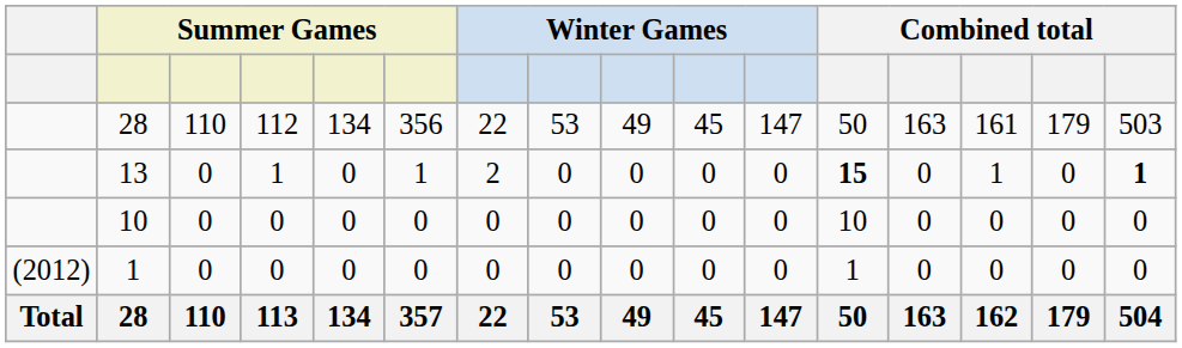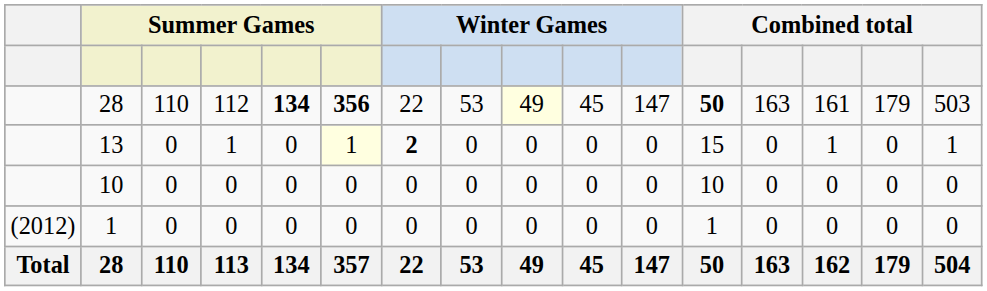 <table class="wikitable sortable" style="margin-top:0; text-align:center; font-size:90%;">
 <tr>
 <th></th>
 <th align="center" style="background-color:#f2f2ce;" colspan="5" ;>Summer Games</th>
 <th align="center" style="background-color:#cedff2;" colspan="5" ;>Winter Games</th>
 <th align="center" colspan="5" ;>Combined total</th>
 </tr>
 <tr>
 <th></th>
 <th style="background-color:#f2f2ce; width:2em;"><br></th>
 <th style="background-color:#f2f2ce; width:2em;"><br></th>
 <th style="background-color:#f2f2ce; width:2em;"><br></th>
 <th style="background-color:#f2f2ce; width:2em;"><br></th>
 <th style="background-color:#f2f2ce; width:2em;"><br></th>
 <th style="background-color:#cedff2; width:2em;"><br></th>
 <th style="background-color:#cedff2; width:2em;"><br></th>
 <th style="background-color:#cedff2; width:2em;"><br></th>
 <th style="background-color:#cedff2; width:2em;"><br></th>
 <th style="background-color:#cedff2; width:2em;"><br></th>
 <th style="width:2em;"><br></th>
 <th style="width:2em;"><br></th>
 <th style="width:2em;"><br></th>
 <th style="width:2em;"><br></th>
 <th style="width:2em;"><br></th>
 </tr>
 <tr>
 <td align=left></td>
 <td>28</td>
 <td>110</td>
 <td>112</td>
-<td>134</td>
-<td>356</td>
+<td><strong>134</strong></td>
+<td><strong>356</strong></td>
 <td>22</td>
 <td>53</td>
-<td>49</td>
+<td style="background: lightyellow;">49</td>
 <td>45</td>
 <td>147</td>
-<td>50</td>
+<td><strong>50</strong></td>
 <td>163</td>
 <td>161</td>
 <td>179</td>
 <td>503</td>
 </tr>
 <tr>
 <td align=left></td>
 <td>13</td>
 <td>0</td>
 <td>1</td>
 <td>0</td>
-<td>1</td>
-<td>2</td>
+<td style="background: lightyellow;">1</td>
+<td><strong>2</strong></td>
 <td>0</td>
 <td>0</td>
 <td>0</td>
 <td>0</td>
-<td><strong>15</strong></td>
+<td>15</td>
 <td>0</td>
 <td>1</td>
 <td>0</td>
-<td><strong>1</strong></td>
+<td>1</td>
 </tr>
 <tr>
 <td align=left></td>
 <td>10</td>
 <td>0</td>
 <td>0</td>
 <td>0</td>
 <td>0</td>
 <td>0</td>
 <td>0</td>
 <td>0</td>
 <td>0</td>
 <td>0</td>
 <td>10</td>
 <td>0</td>
 <td>0</td>
 <td>0</td>
 <td>0</td>
 </tr>
 <tr>
 <td align=left> (2012)</td>
 <td>1</td>
 <td>0</td>
 <td>0</td>
 <td>0</td>
 <td>0</td>
 <td>0</td>
 <td>0</td>
 <td>0</td>
 <td>0</td>
 <td>0</td>
 <td>1</td>
 <td>0</td>
 <td>0</td>
 <td>0</td>
 <td>0</td>
 </tr>
 <tr>
 <th style="text-align: center;">Total</th>
 <th>28</th>
 <th>110</th>
 <th>113</th>
 <th>134</th>
 <th>357</th>
 <th>22</th>
 <th>53</th>
 <th>49</th>
 <th>45</th>
 <th>147</th>
 <th>50</th>
 <th>163</th>
 <th>162</th>
 <th>179</th>
 <th>504</th>
 </tr>
 </table>
